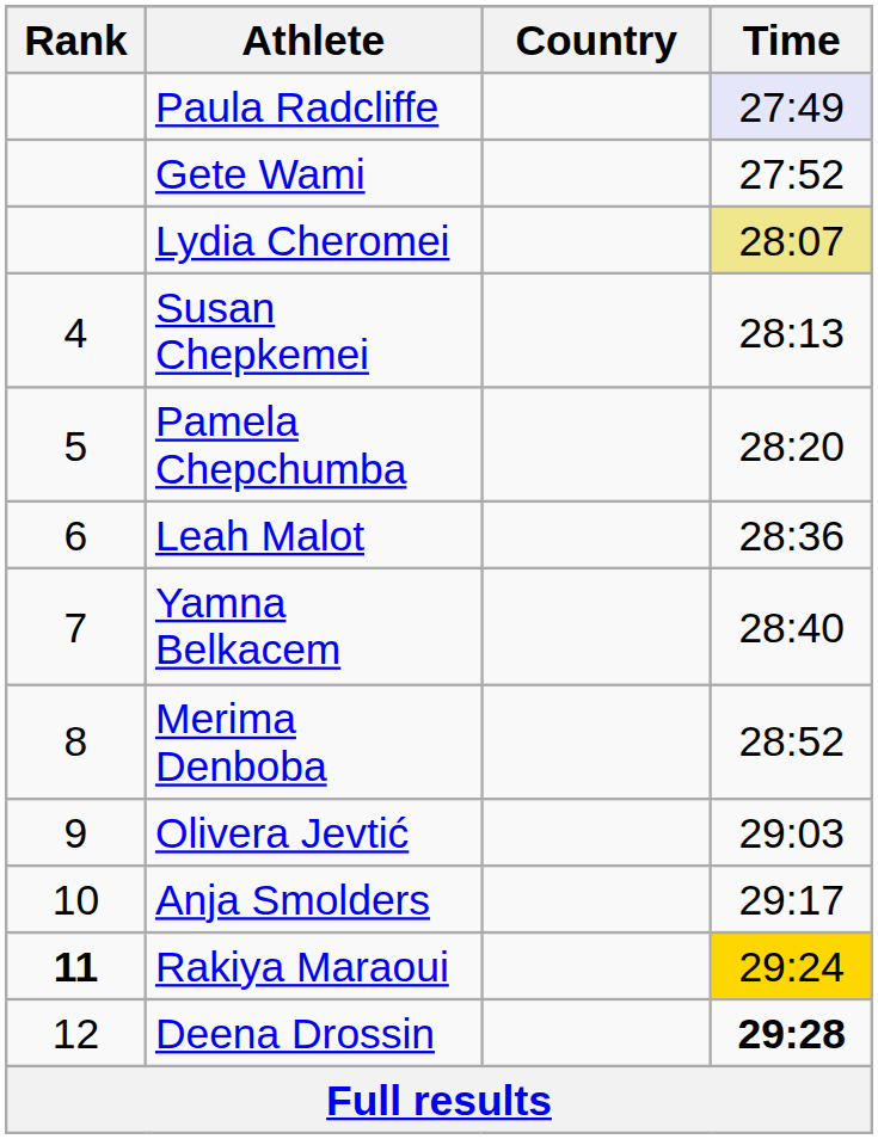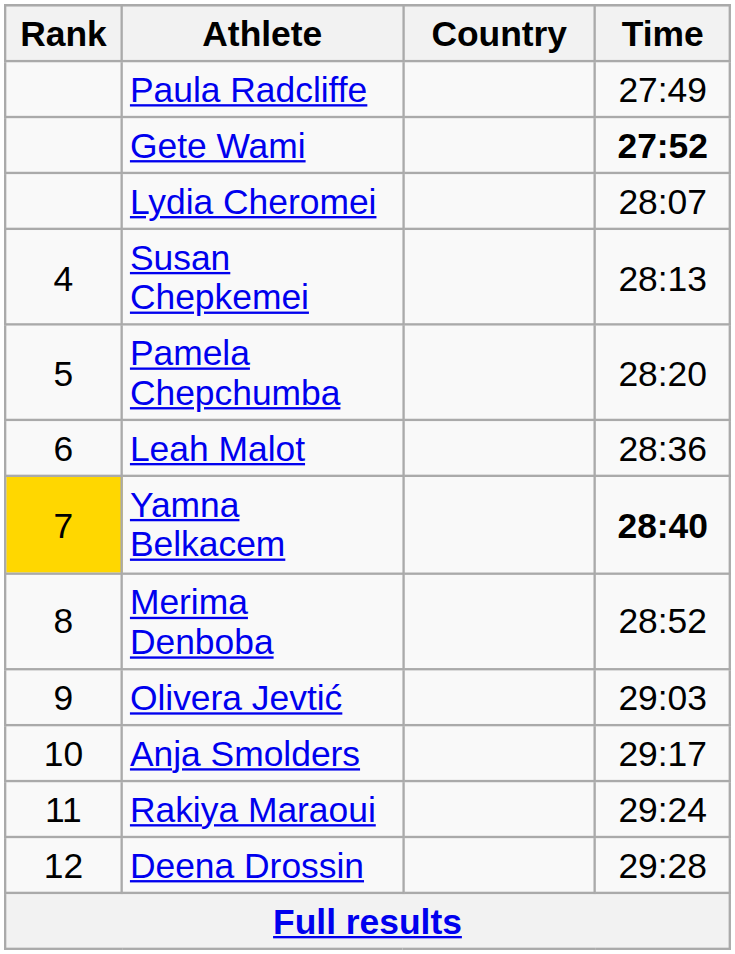 <table class="wikitable sortable" style=" text-align:center; font-size:95%;" width="50%">
 <tr>
 </tr>
 <tr>
 <th width=5%>Rank</th>
 <th width=20%>Athlete</th>
 <th width=15%>Country</th>
 <th width=10%>Time</th>
 </tr>
 <tr>
 <td align=center></td>
 <td align=left><a href='#'>Paula Radcliffe</a></td>
 <td align=left></td>
-<td style="background: lavender;">27:49</td>
+<td>27:49</td>
 </tr>
 <tr>
 <td align=center></td>
 <td align=left><a href='#'>Gete Wami</a></td>
 <td align=left></td>
-<td>27:52</td>
+<td><strong>27:52</strong></td>
 </tr>
 <tr>
 <td align=center></td>
 <td align=left><a href='#'>Lydia Cheromei</a></td>
 <td align=left></td>
-<td style="background: khaki;">28:07</td>
+<td>28:07</td>
 </tr>
 <tr>
 <td align=center>4</td>
 <td align=left><a href='#'>Susan Chepkemei</a></td>
 <td align=left></td>
 <td>28:13</td>
 </tr>
 <tr>
 <td align=center>5</td>
 <td align=left><a href='#'>Pamela Chepchumba</a></td>
 <td align=left></td>
 <td>28:20</td>
 </tr>
 <tr>
 <td align=center>6</td>
 <td align=left><a href='#'>Leah Malot</a></td>
 <td align=left></td>
 <td>28:36</td>
 </tr>
 <tr>
-<td align=center>7</td>
+<td align=center style="background: gold;">7</td>
 <td align=left><a href='#'>Yamna Belkacem</a></td>
 <td align=left></td>
-<td>28:40</td>
+<td><strong>28:40</strong></td>
 </tr>
 <tr>
 <td align=center>8</td>
 <td align=left><a href='#'>Merima Denboba</a></td>
 <td align=left></td>
 <td>28:52</td>
 </tr>
 <tr>
 <td align=center>9</td>
 <td align=left><a href='#'>Olivera Jevtić</a></td>
 <td align=left></td>
 <td>29:03</td>
 </tr>
 <tr>
 <td align=center>10</td>
 <td align=left><a href='#'>Anja Smolders</a></td>
 <td align=left></td>
 <td>29:17</td>
 </tr>
 <tr>
-<td align=center><strong>11</strong></td>
+<td align=center>11</td>
 <td align=left><a href='#'>Rakiya Maraoui</a></td>
 <td align=left></td>
-<td style="background: gold;">29:24</td>
+<td>29:24</td>
 </tr>
 <tr>
 <td align=center>12</td>
 <td align=left><a href='#'>Deena Drossin</a></td>
 <td align=left></td>
-<td><strong>29:28</strong></td>
+<td>29:28</td>
 </tr>
 <tr class="sortbottom">
 <th colspan=4 align=center><a href='#'>Full results</a></th>
 </tr>
 </table>
